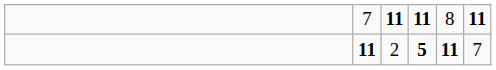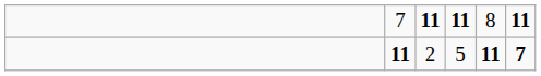 <table class="wikitable">
 <tr>
 <td style="width:18em"></td>
 <td align=center style="width:1em">7</td>
 <td align=center style="width:1em"><strong>11</strong></td>
 <td align=center style="width:1em"><strong>11</strong></td>
 <td align=center style="width:1em">8</td>
 <td align=center style="width:1em"><strong>11</strong></td>
 </tr>
 <tr>
 <td style="width:18em"></td>
 <td align=center style="width:1em"><strong>11</strong></td>
 <td align=center style="width:1em">2</td>
-<td align=center style="width:1em"><strong>5</strong></td>
+<td align=center style="width:1em">5</td>
 <td align=center style="width:1em"><strong>11</strong></td>
-<td align=center style="width:1em">7</td>
+<td align=center style="width:1em"><strong>7</strong></td>
 </tr>
 </table>
